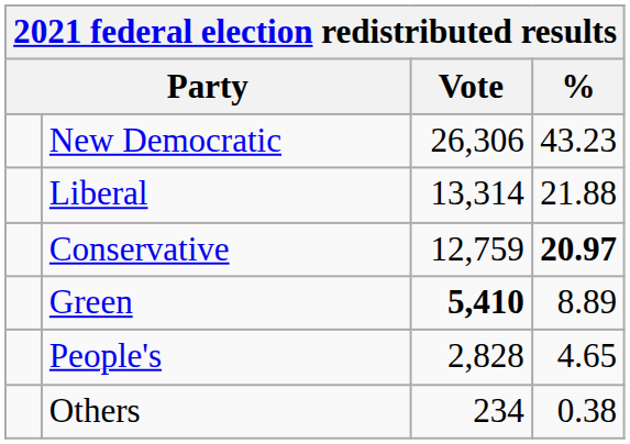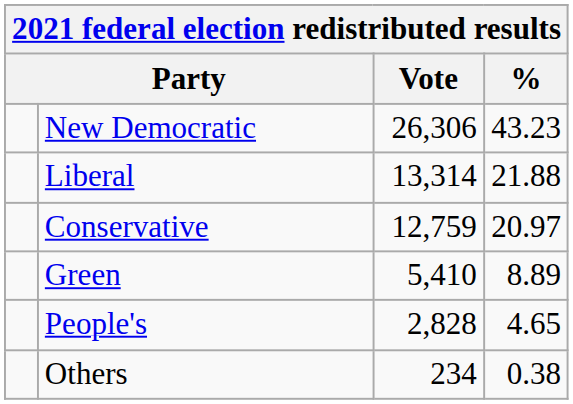 <table class="wikitable">
 <tr>
 <th colspan="4"><a href='#'>2021 federal election</a> redistributed results</th>
 </tr>
 <tr>
 <th bgcolor="#DDDDFF" width="130px" colspan="2">Party</th>
 <th bgcolor="#DDDDFF" width="50px">Vote</th>
 <th bgcolor="#DDDDFF" width="30px">%</th>
 </tr>
 <tr>
 <td> </td>
 <td><a href='#'>New Democratic</a></td>
 <td align=right>26,306</td>
 <td align=right>43.23</td>
 </tr>
 <tr>
 <td> </td>
 <td><a href='#'>Liberal</a></td>
 <td align=right>13,314</td>
 <td align=right>21.88</td>
 </tr>
 <tr>
 <td> </td>
 <td><a href='#'>Conservative</a></td>
 <td align=right>12,759</td>
-<td align=right><strong>20.97</strong></td>
+<td align=right>20.97</td>
 </tr>
 <tr>
 <td> </td>
 <td><a href='#'>Green</a></td>
-<td align=right><strong>5,410</strong></td>
+<td align=right>5,410</td>
 <td align=right>8.89</td>
 </tr>
 <tr>
 <td> </td>
 <td><a href='#'>People's</a></td>
 <td align=right>2,828</td>
 <td align=right>4.65</td>
 </tr>
 <tr>
 <td> </td>
 <td>Others</td>
 <td align=right>234</td>
 <td align=right>0.38</td>
 </tr>
 </table>
